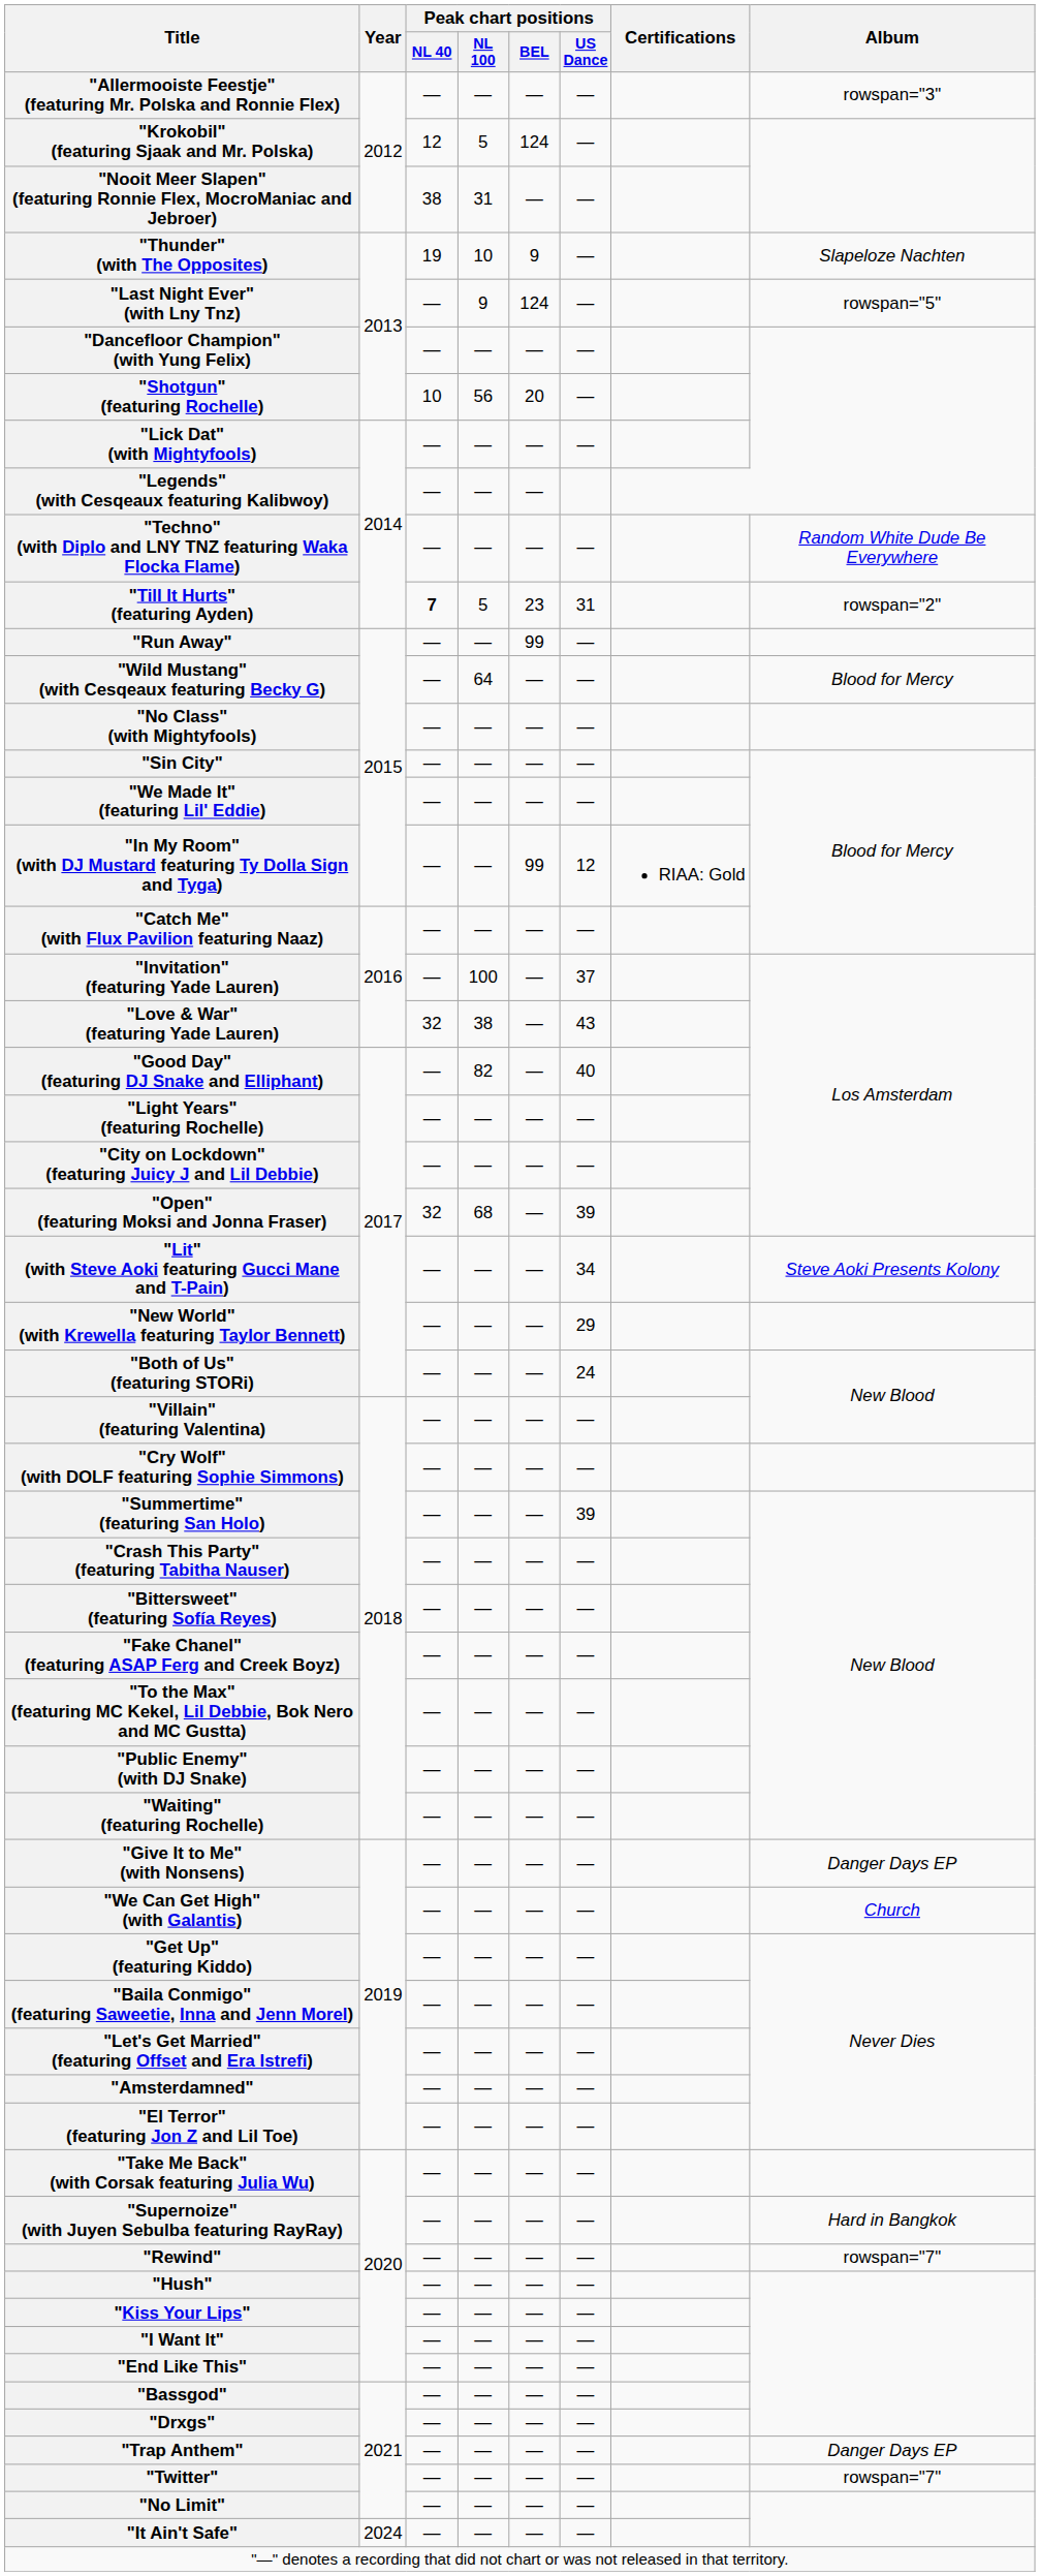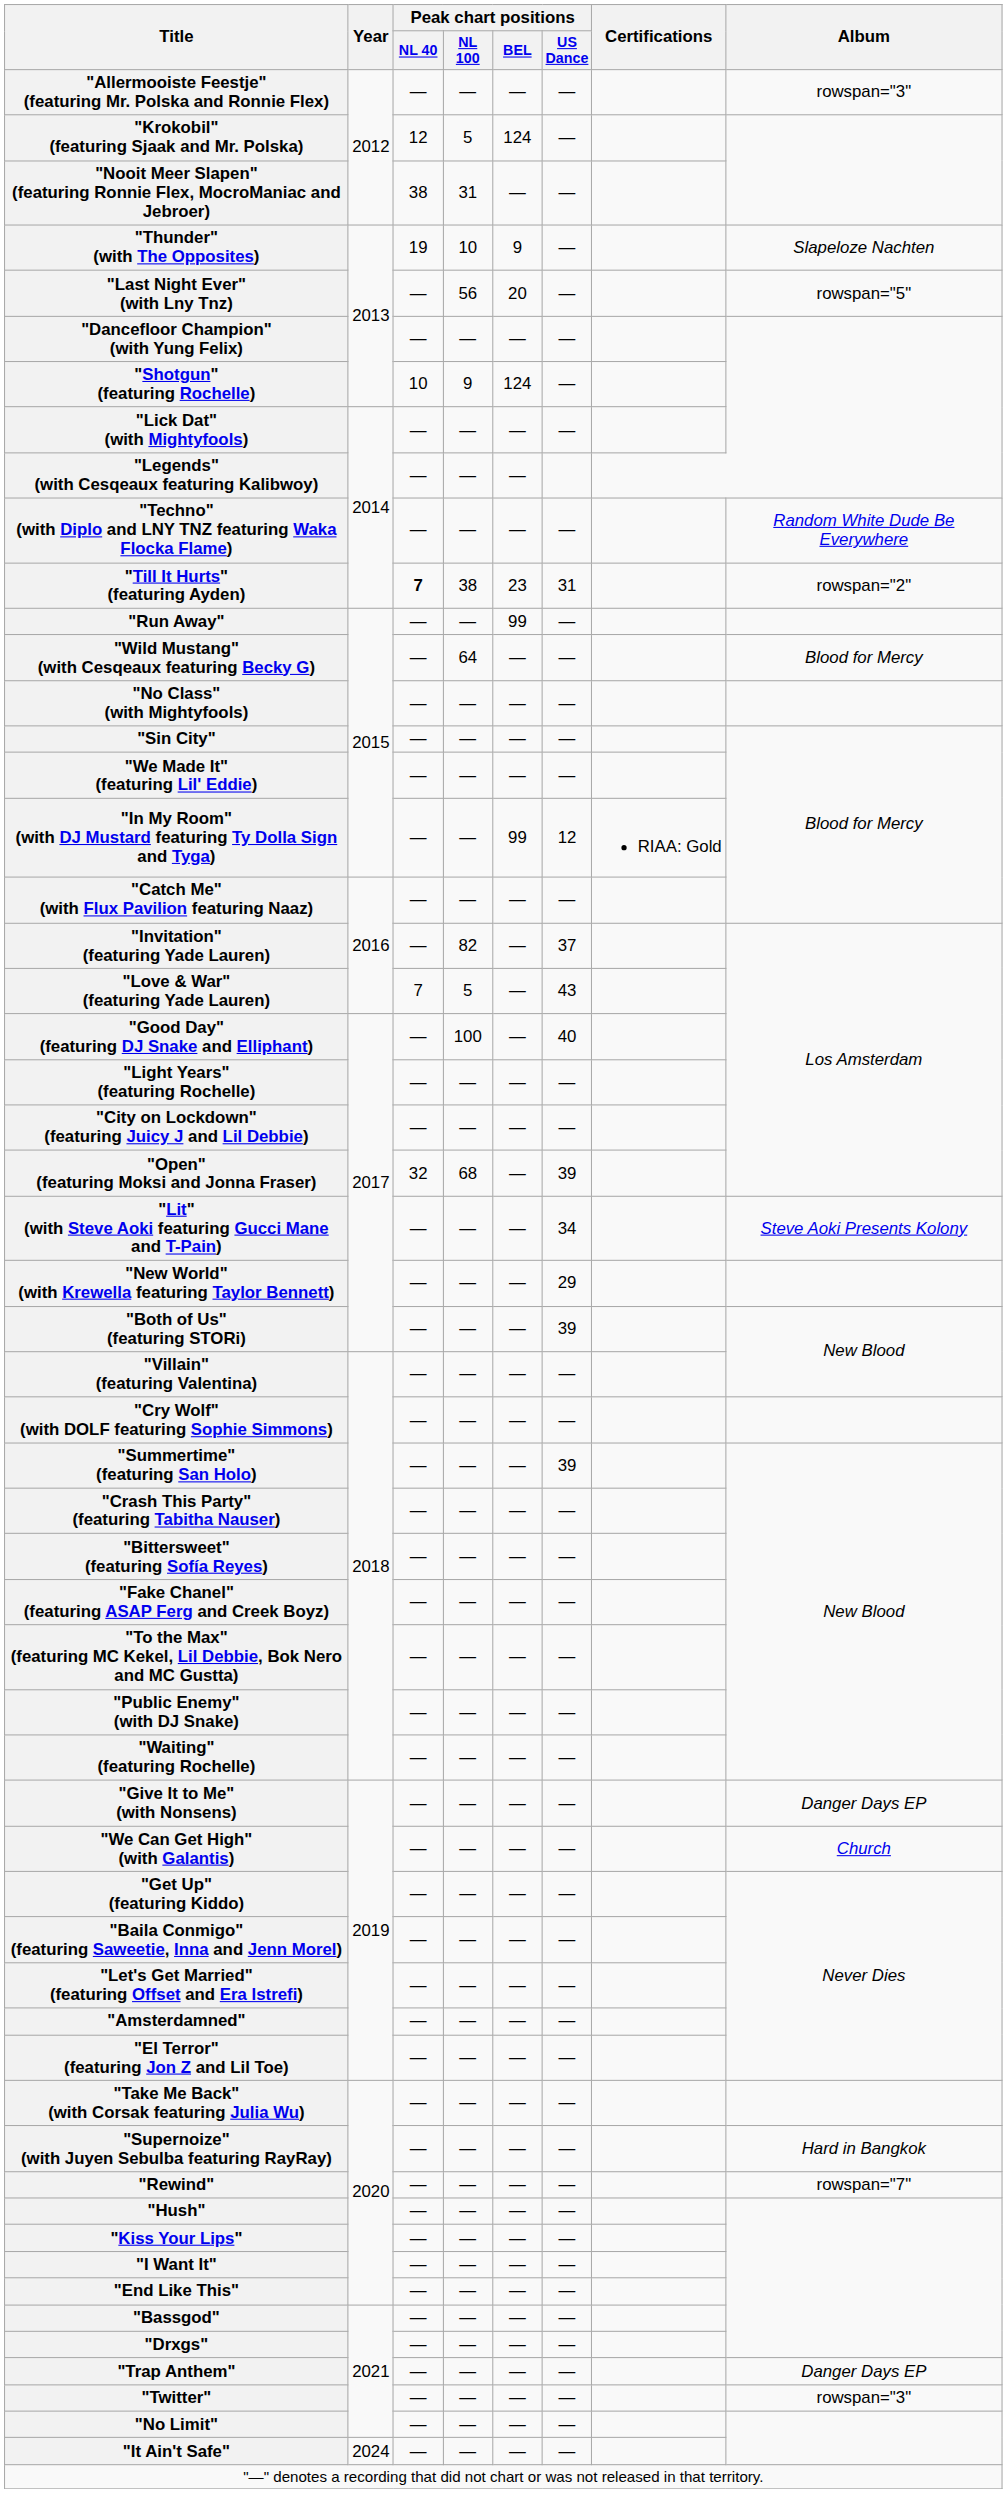 <table class="wikitable plainrowheaders" style="text-align:center;">
 <tr>
 <th scope="col" rowspan="2" style="width:20em;">Title</th>
 <th scope="col" rowspan="2" style="width:1em;">Year</th>
 <th scope="col" colspan="4">Peak chart positions</th>
 <th rowspan="2">Certifications</th>
 <th scope="col" rowspan="2" style="width:16em;">Album</th>
 </tr>
 <tr>
 <th scope="col" style="width:3em;font-size:85%;"><a href='#'>NL 40</a> <br></th>
 <th scope="col" style="width:3em;font-size:85%;"><a href='#'>NL 100</a> <br></th>
 <th scope="col" style="width:3em;font-size:85%;"><a href='#'>BEL</a><br></th>
 <th scope="col" style="width:3em;font-size:85%;"><a href='#'>US<br>Dance</a><br></th>
 </tr>
 <tr>
 <th scope="row">"Allermooiste Feestje" <br><span>(featuring Mr. Polska and Ronnie Flex)</span></th>
 <td rowspan="3">2012</td>
 <td>—</td>
 <td>—</td>
 <td>—</td>
 <td>—</td>
 <td></td>
 <td>rowspan="3" </td>
 </tr>
 <tr>
 <th scope="row">"Krokobil" <br><span>(featuring Sjaak and Mr. Polska)</span></th>
 <td>12</td>
 <td>5</td>
 <td>124</td>
 <td>—</td>
 <td></td>
 </tr>
 <tr>
 <th scope="row">"Nooit Meer Slapen" <br><span>(featuring Ronnie Flex, MocroManiac and Jebroer)</span></th>
 <td>38</td>
 <td>31</td>
 <td>—</td>
 <td>—</td>
 <td></td>
 </tr>
 <tr>
 <th scope="row">"Thunder" <br><span>(with <a href='#'>The Opposites</a>)</span></th>
 <td rowspan="4">2013</td>
 <td>19</td>
 <td>10</td>
 <td>9</td>
 <td>—</td>
 <td></td>
 <td><em>Slapeloze Nachten</em></td>
 </tr>
 <tr>
 <th scope="row">"Last Night Ever" <br><span>(with Lny Tnz)</span></th>
 <td>—</td>
-<td>9</td>
-<td>124</td>
+<td>56</td>
+<td>20</td>
 <td>—</td>
 <td></td>
 <td>rowspan="5" </td>
 </tr>
 <tr>
 <th scope="row">"Dancefloor Champion" <br><span>(with Yung Felix)</span></th>
 <td>—</td>
 <td>—</td>
 <td>—</td>
 <td>—</td>
 <td></td>
 </tr>
 <tr>
 <th scope="row">"<a href='#'>Shotgun</a>" <br><span>(featuring <a href='#'>Rochelle</a>)</span></th>
 <td>10</td>
-<td>56</td>
-<td>20</td>
+<td>9</td>
+<td>124</td>
 <td>—</td>
 <td></td>
 </tr>
 <tr>
 <th scope="row">"Lick Dat" <br><span>(with <a href='#'>Mightyfools</a>)</span></th>
 <td rowspan="4">2014</td>
 <td>—</td>
 <td>—</td>
 <td>—</td>
 <td>—</td>
 <td></td>
 </tr>
 <tr>
 <th scope="row">"Legends" <br><span>(with Cesqeaux featuring Kalibwoy)</span></th>
 <td>—</td>
 <td>—</td>
 <td>—</td>
 <td></td>
 </tr>
 <tr>
 <th scope="row">"Techno" <br><span>(with <a href='#'>Diplo</a> and LNY TNZ featuring <a href='#'>Waka Flocka Flame</a>)</span></th>
 <td>—</td>
 <td>—</td>
 <td>—</td>
 <td>—</td>
 <td></td>
 <td><em><a href='#'>Random White Dude Be Everywhere</a></em></td>
 </tr>
 <tr>
 <th scope="row">"<a href='#'>Till It Hurts</a>" <br><span>(featuring Ayden)</span></th>
 <td><strong>7</strong></td>
-<td>5</td>
+<td>38</td>
 <td>23</td>
 <td>31</td>
 <td></td>
 <td>rowspan="2" </td>
 </tr>
 <tr>
 <th scope="row">"Run Away"</th>
 <td rowspan="6">2015</td>
 <td>—</td>
 <td>—</td>
 <td>99</td>
 <td>—</td>
 <td></td>
 </tr>
 <tr>
 <th scope="row">"Wild Mustang" <br><span>(with Cesqeaux featuring <a href='#'>Becky G</a>)</span></th>
 <td>—</td>
 <td>64</td>
 <td>—</td>
 <td>—</td>
 <td></td>
 <td><em>Blood for Mercy</em></td>
 </tr>
 <tr>
 <th scope="row">"No Class" <br><span>(with Mightyfools)</span></th>
 <td>—</td>
 <td>—</td>
 <td>—</td>
 <td>—</td>
 <td></td>
 <td></td>
 </tr>
 <tr>
 <th scope="row">"Sin City"</th>
 <td>—</td>
 <td>—</td>
 <td>—</td>
 <td>—</td>
 <td></td>
 <td rowspan="4"><em>Blood for Mercy</em></td>
 </tr>
 <tr>
 <th scope="row">"We Made It" <br><span>(featuring <a href='#'>Lil' Eddie</a>)</span></th>
 <td>—</td>
 <td>—</td>
 <td>—</td>
 <td>—</td>
 <td></td>
 </tr>
 <tr>
 <th scope="row">"In My Room" <br><span>(with <a href='#'>DJ Mustard</a> featuring <a href='#'>Ty Dolla Sign</a> and <a href='#'>Tyga</a>)</span></th>
 <td>—</td>
 <td>—</td>
 <td>99</td>
 <td>12</td>
 <td><br><ul><li>RIAA: Gold</li></ul></td>
 </tr>
 <tr>
 <th scope="row">"Catch Me" <br><span>(with <a href='#'>Flux Pavilion</a> featuring Naaz)</span></th>
 <td rowspan="3">2016</td>
 <td>—</td>
 <td>—</td>
 <td>—</td>
 <td>—</td>
 <td></td>
 </tr>
 <tr>
 <th scope="row">"Invitation" <br><span>(featuring Yade Lauren)</span></th>
 <td>—</td>
-<td>100</td>
+<td>82</td>
 <td>—</td>
 <td>37</td>
 <td></td>
 <td rowspan="6"><em>Los Amsterdam</em></td>
 </tr>
 <tr>
 <th scope="row">"Love & War" <br><span>(featuring Yade Lauren)</span></th>
-<td>32</td>
-<td>38</td>
+<td>7</td>
+<td>5</td>
 <td>—</td>
 <td>43</td>
 <td></td>
 </tr>
 <tr>
 <th scope="row">"Good Day" <br><span>(featuring <a href='#'>DJ Snake</a> and <a href='#'>Elliphant</a>)</span></th>
 <td rowspan="7">2017</td>
 <td>—</td>
-<td>82</td>
+<td>100</td>
 <td>—</td>
 <td>40</td>
 <td></td>
 </tr>
 <tr>
 <th scope="row">"Light Years" <br><span>(featuring Rochelle)</span></th>
 <td>—</td>
 <td>—</td>
 <td>—</td>
 <td>—</td>
 <td></td>
 </tr>
 <tr>
 <th scope="row">"City on Lockdown" <br><span>(featuring <a href='#'>Juicy J</a> and <a href='#'>Lil Debbie</a>)</span></th>
 <td>—</td>
 <td>—</td>
 <td>—</td>
 <td>—</td>
 <td></td>
 </tr>
 <tr>
 <th scope="row">"Open" <br><span>(featuring Moksi and Jonna Fraser)</span></th>
 <td>32</td>
 <td>68</td>
 <td>—</td>
 <td>39</td>
 <td></td>
 </tr>
 <tr>
 <th scope="row">"<a href='#'>Lit</a>" <br><span>(with <a href='#'>Steve Aoki</a> featuring <a href='#'>Gucci Mane</a> and <a href='#'>T-Pain</a>)</span></th>
 <td>—</td>
 <td>—</td>
 <td>—</td>
 <td>34</td>
 <td></td>
 <td><em><a href='#'>Steve Aoki Presents Kolony</a></em></td>
 </tr>
 <tr>
 <th scope="row">"New World" <br><span>(with <a href='#'>Krewella</a> featuring <a href='#'>Taylor Bennett</a>)</span></th>
 <td>—</td>
 <td>—</td>
 <td>—</td>
 <td>29</td>
 <td></td>
 <td></td>
 </tr>
 <tr>
 <th scope="row">"Both of Us" <br><span>(featuring STORi)</span></th>
 <td>—</td>
 <td>—</td>
 <td>—</td>
-<td>24</td>
+<td>39</td>
 <td></td>
 <td rowspan="2"><em>New Blood</em></td>
 </tr>
 <tr>
 <th scope="row">"Villain" <br><span>(featuring Valentina)</span></th>
 <td rowspan="9">2018</td>
 <td>—</td>
 <td>—</td>
 <td>—</td>
 <td>—</td>
 <td></td>
 </tr>
 <tr>
 <th scope="row">"Cry Wolf" <br><span>(with DOLF featuring <a href='#'>Sophie Simmons</a>)</span></th>
 <td>—</td>
 <td>—</td>
 <td>—</td>
 <td>—</td>
 <td></td>
 <td></td>
 </tr>
 <tr>
 <th scope="row">"Summertime" <br><span>(featuring <a href='#'>San Holo</a>)</span></th>
 <td>—</td>
 <td>—</td>
 <td>—</td>
 <td>39</td>
 <td></td>
 <td rowspan="7"><em>New Blood</em></td>
 </tr>
 <tr>
 <th scope="row">"Crash This Party" <br><span>(featuring <a href='#'>Tabitha Nauser</a>)</span></th>
 <td>—</td>
 <td>—</td>
 <td>—</td>
 <td>—</td>
 <td></td>
 </tr>
 <tr>
 <th scope="row">"Bittersweet" <br><span>(featuring <a href='#'>Sofía Reyes</a>)</span></th>
 <td>—</td>
 <td>—</td>
 <td>—</td>
 <td>—</td>
 <td></td>
 </tr>
 <tr>
 <th scope="row">"Fake Chanel" <br><span>(featuring <a href='#'>ASAP Ferg</a> and Creek Boyz)</span></th>
 <td>—</td>
 <td>—</td>
 <td>—</td>
 <td>—</td>
 <td></td>
 </tr>
 <tr>
 <th scope="row">"To the Max" <br><span>(featuring MC Kekel, <a href='#'>Lil Debbie</a>, Bok Nero and MC Gustta)</span></th>
 <td>—</td>
 <td>—</td>
 <td>—</td>
 <td>—</td>
 <td></td>
 </tr>
 <tr>
 <th scope="row">"Public Enemy"<br><span>(with DJ Snake)</span></th>
 <td>—</td>
 <td>—</td>
 <td>—</td>
 <td>—</td>
 <td></td>
 </tr>
 <tr>
 <th scope="row">"Waiting" <br><span>(featuring Rochelle)</span></th>
 <td>—</td>
 <td>—</td>
 <td>—</td>
 <td>—</td>
 <td></td>
 </tr>
 <tr>
 <th scope="row">"Give It to Me" <br><span>(with Nonsens)</span></th>
 <td rowspan="7">2019</td>
 <td>—</td>
 <td>—</td>
 <td>—</td>
 <td>—</td>
 <td></td>
 <td><em>Danger Days EP</em></td>
 </tr>
 <tr>
 <th scope="row">"We Can Get High" <br><span>(with <a href='#'>Galantis</a>)</span></th>
 <td>—</td>
 <td>—</td>
 <td>—</td>
 <td>—</td>
 <td></td>
 <td><em><a href='#'>Church</a></em></td>
 </tr>
 <tr>
 <th scope="row">"Get Up" <br><span>(featuring Kiddo)</span></th>
 <td>—</td>
 <td>—</td>
 <td>—</td>
 <td>—</td>
 <td></td>
 <td rowspan="5"><em>Never Dies</em></td>
 </tr>
 <tr>
 <th scope="row">"Baila Conmigo" <br><span>(featuring <a href='#'>Saweetie</a>, <a href='#'>Inna</a> and <a href='#'>Jenn Morel</a>)</span></th>
 <td>—</td>
 <td>—</td>
 <td>—</td>
 <td>—</td>
 <td></td>
 </tr>
 <tr>
 <th scope="row">"Let's Get Married" <br><span>(featuring <a href='#'>Offset</a> and <a href='#'>Era Istrefi</a>)</span></th>
 <td>—</td>
 <td>—</td>
 <td>—</td>
 <td>—</td>
 <td></td>
 </tr>
 <tr>
 <th scope="row">"Amsterdamned"</th>
 <td>—</td>
 <td>—</td>
 <td>—</td>
 <td>—</td>
 <td></td>
 </tr>
 <tr>
 <th scope="row">"El Terror" <br><span>(featuring <a href='#'>Jon Z</a> and Lil Toe)</span></th>
 <td>—</td>
 <td>—</td>
 <td>—</td>
 <td>—</td>
 <td></td>
 </tr>
 <tr>
 <th scope="row">"Take Me Back" <br><span>(with Corsak featuring <a href='#'>Julia Wu</a>)</span></th>
 <td rowspan="7">2020</td>
 <td>—</td>
 <td>—</td>
 <td>—</td>
 <td>—</td>
 <td></td>
 <td></td>
 </tr>
 <tr>
 <th scope="row">"Supernoize" <br><span>(with Juyen Sebulba featuring RayRay)</span></th>
 <td>—</td>
 <td>—</td>
 <td>—</td>
 <td>—</td>
 <td></td>
 <td><em>Hard in Bangkok</em></td>
 </tr>
 <tr>
 <th scope="row">"Rewind"<br></th>
 <td>—</td>
 <td>—</td>
 <td>—</td>
 <td>—</td>
 <td></td>
 <td>rowspan="7" </td>
 </tr>
 <tr>
 <th scope="row">"Hush"<br></th>
 <td>—</td>
 <td>—</td>
 <td>—</td>
 <td>—</td>
 <td></td>
 </tr>
 <tr>
 <th scope="row">"<a href='#'>Kiss Your Lips</a>" <br></th>
 <td>—</td>
 <td>—</td>
 <td>—</td>
 <td>—</td>
 <td></td>
 </tr>
 <tr>
 <th scope="row">"I Want It" <br></th>
 <td>—</td>
 <td>—</td>
 <td>—</td>
 <td>—</td>
 <td></td>
 </tr>
 <tr>
 <th scope="row">"End Like This" <br></th>
 <td>—</td>
 <td>—</td>
 <td>—</td>
 <td>—</td>
 <td></td>
 </tr>
 <tr>
 <th scope="row">"Bassgod" <br></th>
 <td rowspan="5">2021</td>
 <td>—</td>
 <td>—</td>
 <td>—</td>
 <td>—</td>
 <td></td>
 </tr>
 <tr>
 <th scope="row">"Drxgs" <br></th>
 <td>—</td>
 <td>—</td>
 <td>—</td>
 <td>—</td>
 <td></td>
 </tr>
 <tr>
 <th scope="row">"Trap Anthem"</th>
 <td>—</td>
 <td>—</td>
 <td>—</td>
 <td>—</td>
 <td></td>
 <td><em>Danger Days EP</em></td>
 </tr>
 <tr>
 <th scope="row">"Twitter" <br></th>
 <td>—</td>
 <td>—</td>
 <td>—</td>
 <td>—</td>
 <td></td>
-<td>rowspan="7" </td>
+<td>rowspan="3" </td>
 </tr>
 <tr>
 <th scope="row">"No Limit" <br></th>
 <td>—</td>
 <td>—</td>
 <td>—</td>
 <td>—</td>
 <td></td>
 </tr>
 <tr>
 <th scope="row">"It Ain't Safe"<br></th>
 <td>2024</td>
 <td>—</td>
 <td>—</td>
 <td>—</td>
 <td>—</td>
 <td></td>
 </tr>
 <tr>
 <td colspan="8" style="font-size:90%">"—" denotes a recording that did not chart or was not released in that territory.</td>
 </tr>
 </table>
